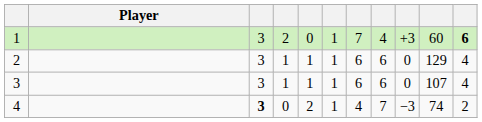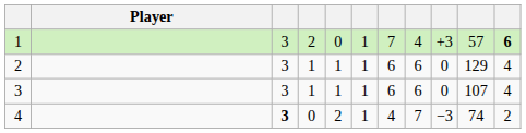 <table class="wikitable" style="text-align:center; margin: 1em auto 1em auto, align:left">
 <tr>
 <th width=20></th>
 <th width=240>Player</th>
 <th width=20></th>
 <th width=20></th>
 <th width=20></th>
 <th width=20></th>
 <th width=20></th>
 <th width=20></th>
 <th width=20></th>
 <th width=30></th>
 <th width=20></th>
 </tr>
 <tr style="background:#D0F0C0;">
 <td>1</td>
 <td align=left></td>
 <td>3</td>
 <td>2</td>
 <td>0</td>
 <td>1</td>
 <td>7</td>
 <td>4</td>
 <td>+3</td>
-<td>60</td>
+<td>57</td>
 <td><strong>6</strong></td>
 </tr>
 <tr style=>
 <td>2</td>
 <td align=left></td>
 <td>3</td>
 <td>1</td>
 <td>1</td>
 <td>1</td>
 <td>6</td>
 <td>6</td>
 <td>0</td>
 <td>129</td>
 <td>4</td>
 </tr>
 <tr style=>
 <td>3</td>
 <td align=left></td>
 <td>3</td>
 <td>1</td>
 <td>1</td>
 <td>1</td>
 <td>6</td>
 <td>6</td>
 <td>0</td>
 <td>107</td>
 <td>4</td>
 </tr>
 <tr style=>
 <td>4</td>
 <td align=left></td>
 <td><strong>3</strong></td>
 <td>0</td>
 <td>2</td>
 <td>1</td>
 <td>4</td>
 <td>7</td>
 <td>−3</td>
 <td>74</td>
 <td>2</td>
 </tr>
 </table>
